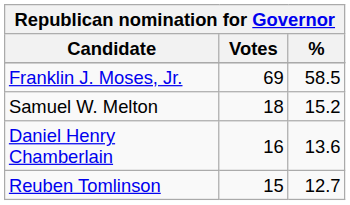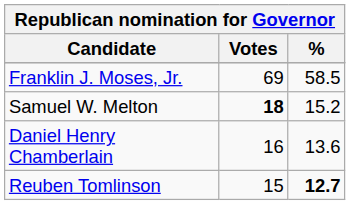 <table class="wikitable" style="background: #f9f9f9; font-size: 95%;">
 <tr style="background-color:#E9E9E9">
 <th colspan="3">Republican nomination for <a href='#'>Governor</a></th>
 </tr>
 <tr style="background-color:#E9E9E9">
 <th colspan="1" style="width: 170px">Candidate</th>
 <th style="width: 50px">Votes</th>
 <th style="width: 40px">%</th>
 </tr>
 <tr>
 </tr>
 <tr>
 <td><a href='#'>Franklin J. Moses, Jr.</a></td>
 <td align="right">69</td>
 <td align="right">58.5</td>
 </tr>
 <tr>
 <td>Samuel W. Melton</td>
-<td align="right">18</td>
+<td align="right"><strong>18</strong></td>
 <td align="right">15.2</td>
 </tr>
 <tr>
 <td><a href='#'>Daniel Henry Chamberlain</a></td>
 <td align="right">16</td>
 <td align="right">13.6</td>
 </tr>
 <tr>
 <td><a href='#'>Reuben Tomlinson</a></td>
 <td align="right">15</td>
-<td align="right">12.7</td>
+<td align="right"><strong>12.7</strong></td>
 </tr>
 </table>
